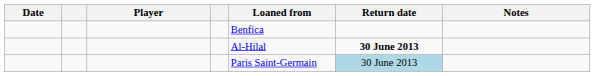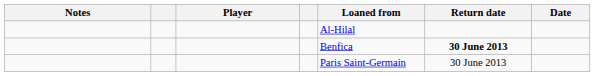 <table class="wikitable sortable">
 <tr>
-<th style="width:80px;">Date</th>
+<th style="width:215px;" class="unsortable">Notes</th>
 <th style="width:30px;"></th>
 <th style="width:180px;">Player</th>
 <th style="width:20px;"></th>
 <th style="width:155px;">Loaned from</th>
 <th style="width:155px;" class="unsortable">Return date</th>
-<th style="width:215px;" class="unsortable">Notes</th>
+<th style="width:80px;">Date</th>
 </tr>
 <tr>
+<td align=center></td>
+<td align=center></td>
+<td> </td>
 <td></td>
+<td> <a href='#'>Al-Hilal</a></td>
+<td align=center></td>
+<td></td>
+</tr>
+<tr>
+<td align=center></td>
 <td align=center></td>
 <td> </td>
 <td></td>
 <td> <a href='#'>Benfica</a></td>
-<td align=center></td>
-<td align=center></td>
+<td align=center><strong>30 June 2013</strong></td>
+<td></td>
 </tr>
 <tr>
-<td></td>
 <td align=center></td>
-<td> </td>
-<td></td>
-<td> <a href='#'>Al-Hilal</a></td>
-<td align=center><strong>30 June 2013</strong></td>
-<td align=center></td>
-</tr>
-<tr>
-<td></td>
 <td align=center></td>
 <td> </td>
 <td></td>
 <td> <a href='#'>Paris Saint-Germain</a></td>
-<td align=center style="background: lightblue;">30 June 2013</td>
-<td align=center></td>
+<td align=center>30 June 2013</td>
+<td></td>
 </tr>
 </table>
